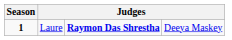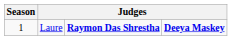 <table class="wikitable">
 <tr>
 <th>Season</th>
 <th colspan="5">Judges</th>
 </tr>
 <tr>
-<td style="text-align:center;"><strong>1</strong></td>
+<td style="text-align:center;">1</td>
 <td><a href='#'>Laure</a></td>
 <td><strong><a href='#'>Raymon Das Shrestha</a></strong></td>
-<td><a href='#'>Deeya Maskey</a></td>
+<td><strong><a href='#'>Deeya Maskey</a></strong></td>
 </tr>
 </table>
